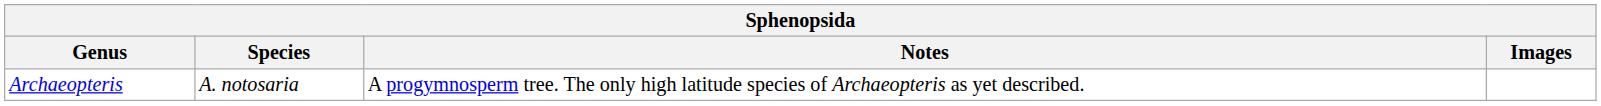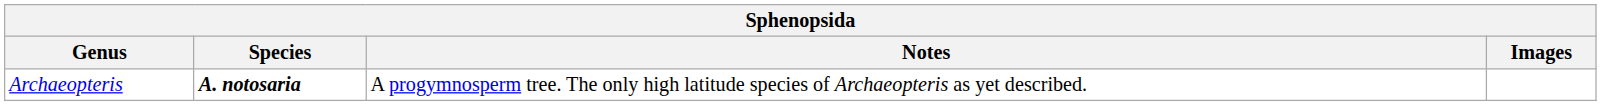 <table class="wikitable sortable" style="background:white; width:100%;">
 <tr>
 <th colspan="4" align="center">Sphenopsida</th>
 </tr>
 <tr>
 <th>Genus</th>
 <th>Species</th>
 <th>Notes</th>
 <th>Images</th>
 </tr>
 <tr>
 <td><em><a href='#'>Archaeopteris</a></em></td>
-<td><em>A. notosaria</em></td>
+<td><strong><em>A. notosaria</em></strong></td>
 <td>A <a href='#'>progymnosperm</a> tree. The only high latitude species of <em>Archaeopteris</em> as yet described.</td>
 <td></td>
 </tr>
 </table>
